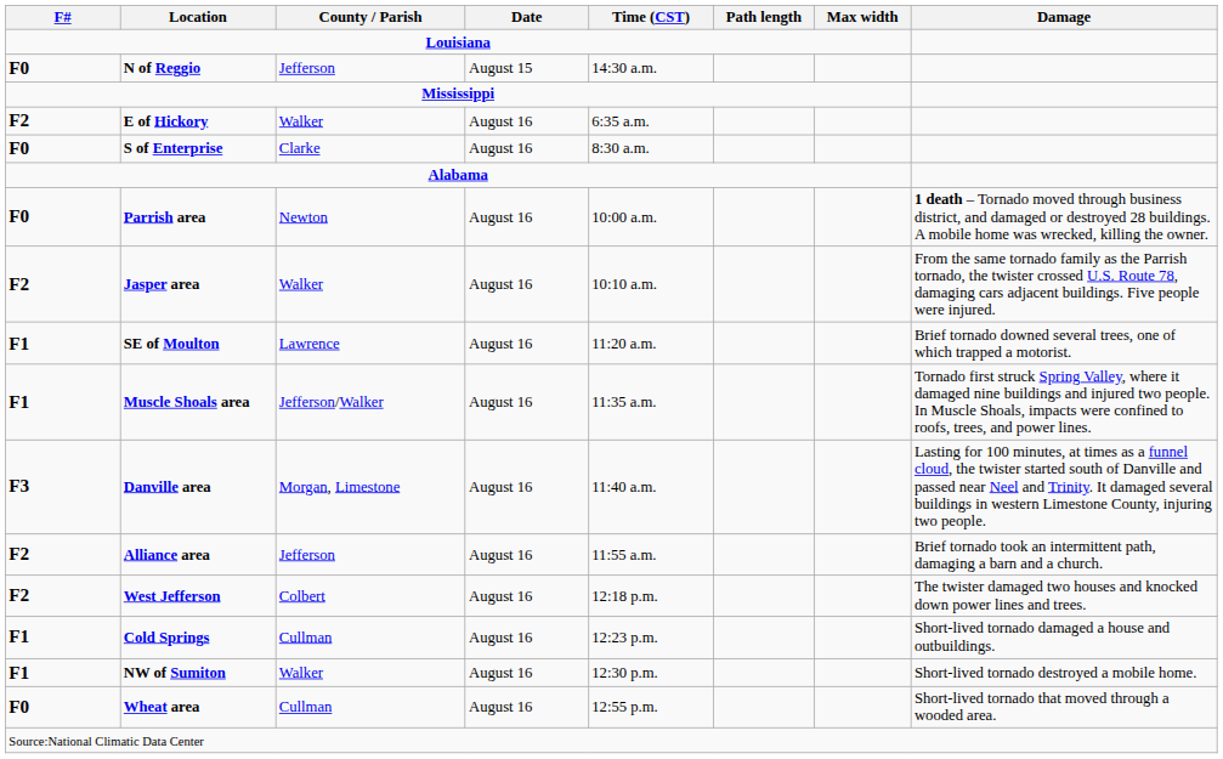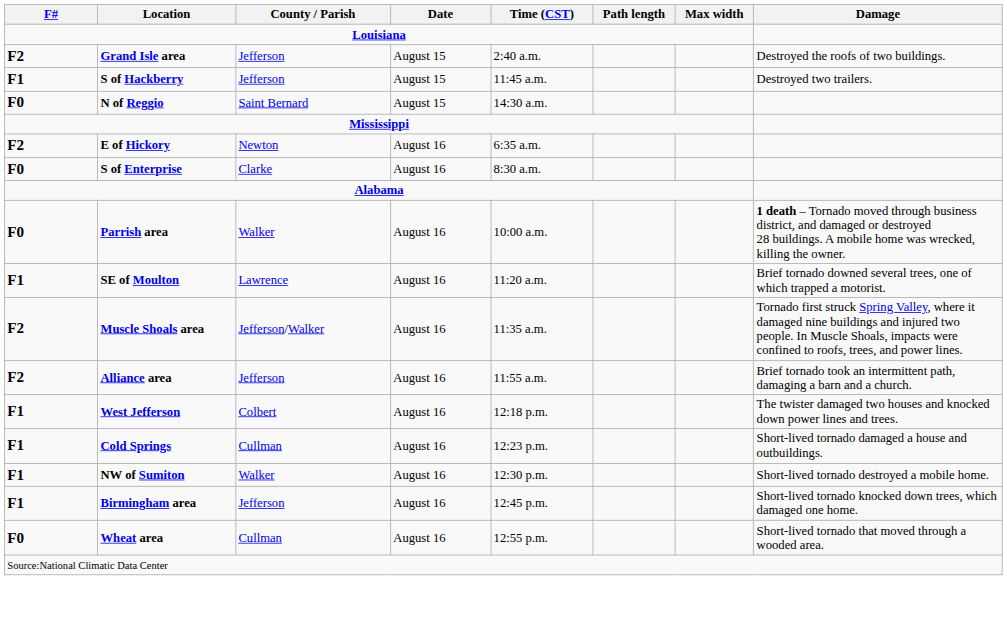 <table class="wikitable sortable" style="width:100%;">
 <tr>
 <th scope="col" width="3%" align="center"><a href='#'>F#</a></th>
 <th scope="col" width="3%" align="center" class="unsortable">Location</th>
 <th scope="col" width="3%" align="center" class="unsortable">County / Parish</th>
 <th scope="col" width="2%" align="center">Date</th>
 <th scope="col" width="2%" align="center">Time (<a href='#'>CST</a>)</th>
 <th scope="col" width="2%" align="center">Path length</th>
 <th scope="col" width="2%" align="center">Max width</th>
 <th scope="col" width="8%" align="center">Damage</th>
 </tr>
 <tr>
 <td colspan="7" align=center><strong><a href='#'>Louisiana</a></strong></td>
 </tr>
 <tr>
+<td><big><strong>F2</strong></big></td>
+<td><strong><a href='#'>Grand Isle</a> area</strong></td>
+<td><a href='#'>Jefferson</a></td>
+<td>August 15</td>
+<td>2:40 a.m.</td>
+<td></td>
+<td></td>
+<td>Destroyed the roofs of two buildings.</td>
+</tr>
+<tr>
+<td><big><strong>F1</strong></big></td>
+<td><strong>S of <a href='#'>Hackberry</a></strong></td>
+<td><a href='#'>Jefferson</a></td>
+<td>August 15</td>
+<td>11:45 a.m.</td>
+<td></td>
+<td></td>
+<td>Destroyed two trailers.</td>
+</tr>
+<tr>
 <td><big><strong>F0</strong></big></td>
 <td><strong>N of <a href='#'>Reggio</a></strong></td>
-<td><a href='#'>Jefferson</a></td>
+<td><a href='#'>Saint Bernard</a></td>
 <td>August 15</td>
 <td>14:30 a.m.</td>
 <td></td>
 <td></td>
 <td></td>
 </tr>
 <tr>
 <td colspan="7" align=center><strong><a href='#'>Mississippi</a></strong></td>
 </tr>
 <tr>
 <td><big><strong>F2</strong></big></td>
 <td><strong>E of <a href='#'>Hickory</a></strong></td>
-<td><a href='#'>Walker</a></td>
+<td><a href='#'>Newton</a></td>
 <td>August 16</td>
 <td>6:35 a.m.</td>
 <td></td>
 <td></td>
 <td></td>
 </tr>
 <tr>
 <td><big><strong>F0</strong></big></td>
 <td><strong>S of <a href='#'>Enterprise</a></strong></td>
 <td><a href='#'>Clarke</a></td>
 <td>August 16</td>
 <td>8:30 a.m.</td>
 <td></td>
 <td></td>
 <td></td>
 </tr>
 <tr>
 <td colspan="7" align=center><strong><a href='#'>Alabama</a></strong></td>
 </tr>
 <tr>
 <td><big><strong>F0</strong></big></td>
 <td><strong><a href='#'>Parrish</a> area</strong></td>
-<td><a href='#'>Newton</a></td>
+<td><a href='#'>Walker</a></td>
 <td>August 16</td>
 <td>10:00 a.m.</td>
 <td></td>
 <td></td>
 <td><strong>1 death</strong> – Tornado moved through business district, and damaged or destroyed 28 buildings. A mobile home was wrecked, killing the owner.</td>
-</tr>
-<tr>
-<td><big><strong>F2</strong></big></td>
-<td><strong><a href='#'>Jasper</a> area</strong></td>
-<td><a href='#'>Walker</a></td>
-<td>August 16</td>
-<td>10:10 a.m.</td>
-<td></td>
-<td></td>
-<td>From the same tornado family as the Parrish tornado, the twister crossed <a href='#'>U.S. Route 78</a>, damaging cars adjacent buildings. Five people were injured.</td>
 </tr>
 <tr>
 <td><big><strong>F1</strong></big></td>
 <td><strong>SE of <a href='#'>Moulton</a></strong></td>
 <td><a href='#'>Lawrence</a></td>
 <td>August 16</td>
 <td>11:20 a.m.</td>
 <td></td>
 <td></td>
 <td>Brief tornado downed several trees, one of which trapped a motorist.</td>
 </tr>
 <tr>
-<td><big><strong>F1</strong></big></td>
+<td><big><strong>F2</strong></big></td>
 <td><strong><a href='#'>Muscle Shoals</a> area</strong></td>
 <td><a href='#'>Jefferson</a>/<a href='#'>Walker</a></td>
 <td>August 16</td>
 <td>11:35 a.m.</td>
 <td></td>
 <td></td>
 <td>Tornado first struck <a href='#'>Spring Valley</a>, where it damaged nine buildings and injured two people. In Muscle Shoals, impacts were confined to roofs, trees, and power lines.</td>
-</tr>
-<tr>
-<td><big><strong>F3</strong></big></td>
-<td><strong><a href='#'>Danville</a> area</strong></td>
-<td><a href='#'>Morgan</a>, <a href='#'>Limestone</a></td>
-<td>August 16</td>
-<td>11:40 a.m.</td>
-<td></td>
-<td></td>
-<td>Lasting for 100 minutes, at times as a <a href='#'>funnel cloud</a>, the twister started south of Danville and passed near <a href='#'>Neel</a> and <a href='#'>Trinity</a>. It damaged several buildings in western Limestone County, injuring two people.</td>
 </tr>
 <tr>
 <td><big><strong>F2</strong></big></td>
 <td><strong><a href='#'>Alliance</a> area</strong></td>
 <td><a href='#'>Jefferson</a></td>
 <td>August 16</td>
 <td>11:55 a.m.</td>
 <td></td>
 <td></td>
 <td>Brief tornado took an intermittent path, damaging a barn and a church.</td>
 </tr>
 <tr>
-<td><big><strong>F2</strong></big></td>
+<td><big><strong>F1</strong></big></td>
 <td><strong><a href='#'>West Jefferson</a></strong></td>
 <td><a href='#'>Colbert</a></td>
 <td>August 16</td>
 <td>12:18 p.m.</td>
 <td></td>
 <td></td>
 <td>The twister damaged two houses and knocked down power lines and trees.</td>
 </tr>
 <tr>
 <td><big><strong>F1</strong></big></td>
 <td><strong><a href='#'>Cold Springs</a></strong></td>
 <td><a href='#'>Cullman</a></td>
 <td>August 16</td>
 <td>12:23 p.m.</td>
 <td></td>
 <td></td>
 <td>Short-lived tornado damaged a house and outbuildings.</td>
 </tr>
 <tr>
 <td><big><strong>F1</strong></big></td>
 <td><strong>NW of <a href='#'>Sumiton</a></strong></td>
 <td><a href='#'>Walker</a></td>
 <td>August 16</td>
 <td>12:30 p.m.</td>
 <td></td>
 <td></td>
 <td>Short-lived tornado destroyed a mobile home.</td>
 </tr>
 <tr>
+<td><big><strong>F1</strong></big></td>
+<td><strong><a href='#'>Birmingham</a> area</strong></td>
+<td><a href='#'>Jefferson</a></td>
+<td>August 16</td>
+<td>12:45 p.m.</td>
+<td></td>
+<td></td>
+<td>Short-lived tornado knocked down trees, which damaged one home.</td>
+</tr>
+<tr>
 <td><big><strong>F0</strong></big></td>
 <td><strong><a href='#'>Wheat</a> area</strong></td>
 <td><a href='#'>Cullman</a></td>
 <td>August 16</td>
 <td>12:55 p.m.</td>
 <td></td>
 <td></td>
 <td>Short-lived tornado that moved through a wooded area.</td>
 </tr>
 <tr>
 <td colspan="8"><small>Source:National Climatic Data Center</small></td>
 </tr>
 </table>
